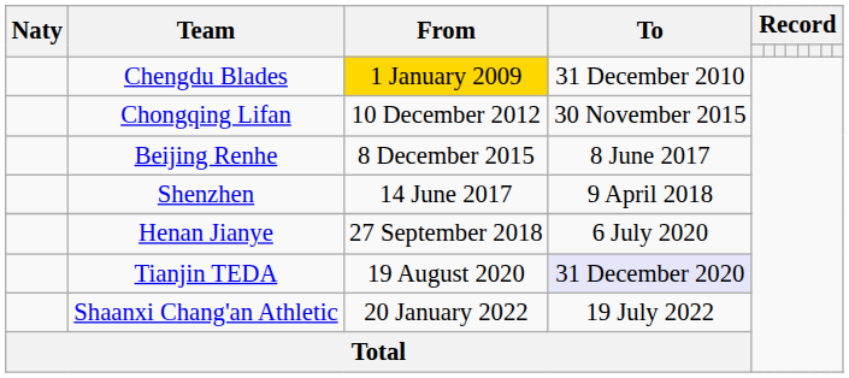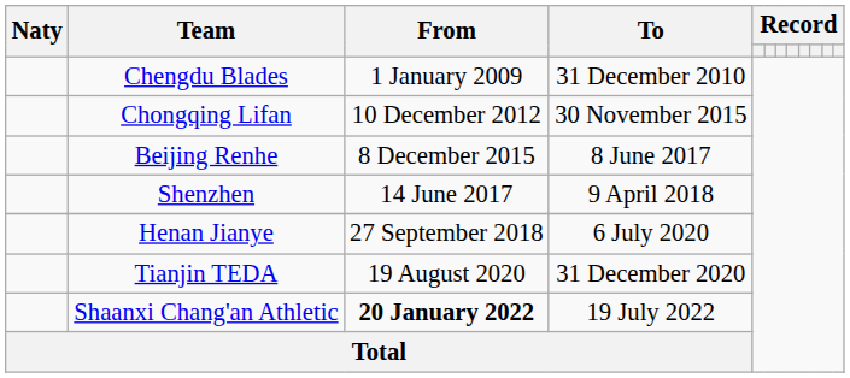 <table class="wikitable" style="text-align: center">
 <tr>
 <th rowspan=2>Naty</th>
 <th rowspan=2>Team</th>
 <th rowspan=2>From</th>
 <th rowspan=2>To</th>
 <th colspan=8>Record</th>
 </tr>
 <tr>
 <th></th>
 <th></th>
 <th></th>
 <th></th>
 <th></th>
 <th></th>
 <th></th>
 <th></th>
 </tr>
 <tr>
 <td></td>
 <td><a href='#'>Chengdu Blades</a></td>
-<td style="background: gold;">1 January 2009</td>
+<td>1 January 2009</td>
 <td>31 December 2010<br></td>
 </tr>
 <tr>
 <td></td>
 <td><a href='#'>Chongqing Lifan</a></td>
 <td>10 December 2012</td>
 <td>30 November 2015<br></td>
 </tr>
 <tr>
 <td></td>
 <td><a href='#'>Beijing Renhe</a></td>
 <td>8 December 2015</td>
 <td>8 June 2017<br></td>
 </tr>
 <tr>
 <td></td>
 <td><a href='#'>Shenzhen</a></td>
 <td>14 June 2017</td>
 <td>9 April 2018<br></td>
 </tr>
 <tr>
 </tr>
 <tr>
 <td></td>
 <td><a href='#'>Henan Jianye</a></td>
 <td>27 September 2018</td>
 <td>6 July 2020<br></td>
 </tr>
 <tr>
 <td></td>
 <td><a href='#'>Tianjin TEDA</a></td>
 <td>19 August 2020</td>
-<td style="background: lavender;">31 December 2020<br></td>
+<td>31 December 2020<br></td>
 </tr>
 <tr>
 <td></td>
 <td><a href='#'>Shaanxi Chang'an Athletic</a></td>
-<td>20 January 2022</td>
+<td><strong>20 January 2022</strong></td>
 <td>19 July 2022<br></td>
 </tr>
 <tr>
 <th colspan="4">Total<br></th>
 </tr>
 </table>
